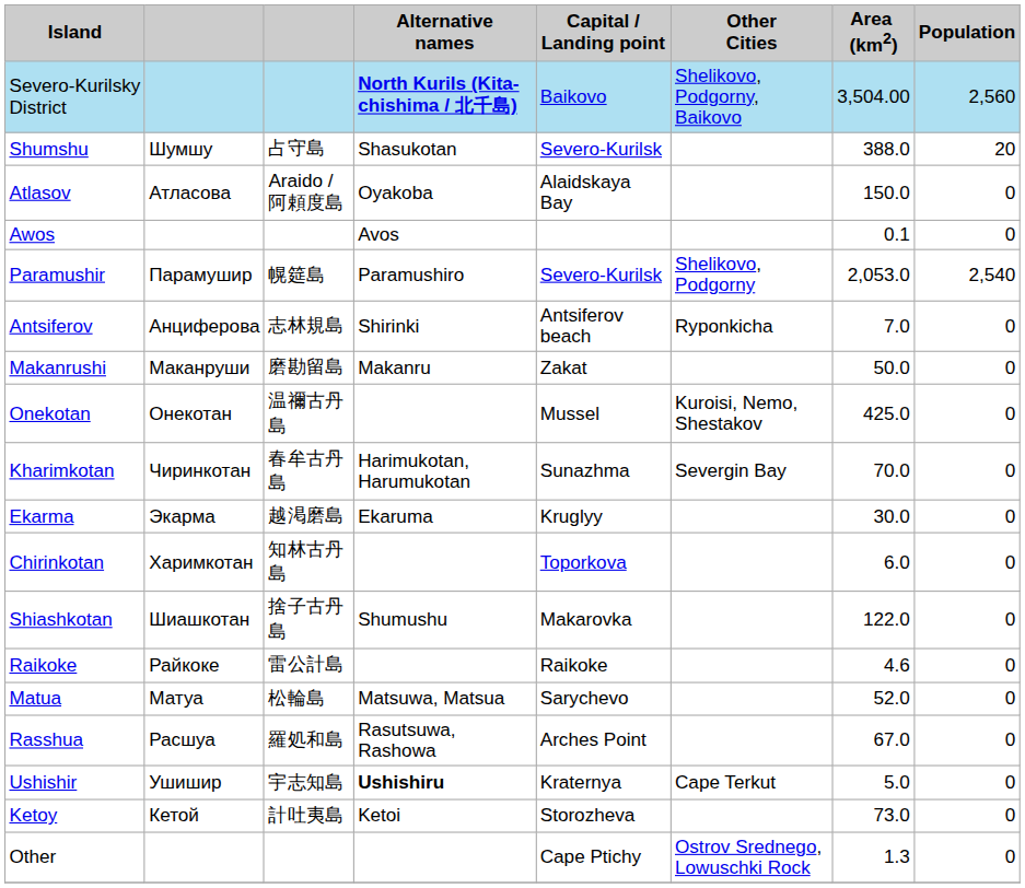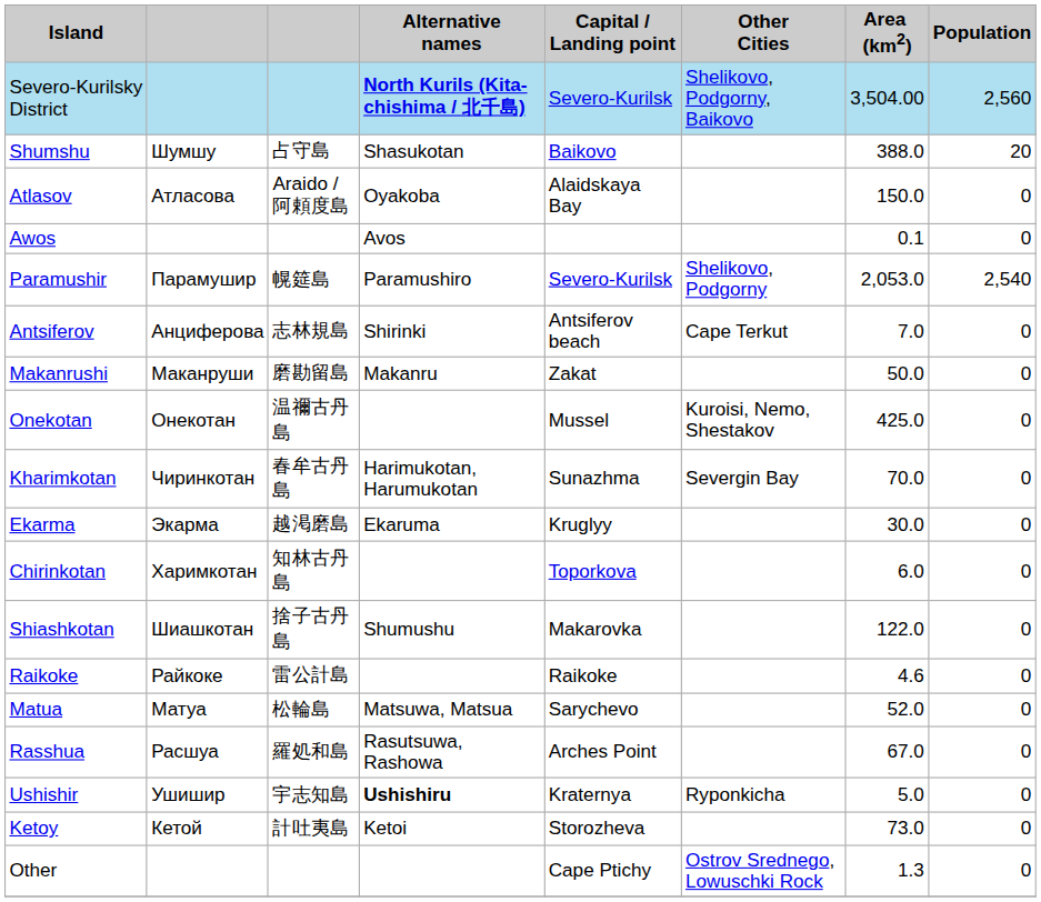 <table class="wikitable sortable">
 <tr>
 <th style="background: #CCC;" class="unsortable">Island</th>
 <th style="background: #CCC;" class="unsortable"></th>
 <th style="background: #CCC;" class="unsortable"></th>
 <th style="background: #CCC;" class="unsortable">Alternative<br>names</th>
 <th style="background: #CCC;" class="unsortable">Capital / Landing point</th>
 <th style="background: #CCC;" class="unsortable">Other<br>Cities</th>
 <th style="background: #CCC;">Area <br>(km<sup>2</sup>)</th>
 <th style="background: #CCC;">Population</th>
 </tr>
 <tr style="background:#AEE0F2;">
 <td>Severo-Kurilsky District</td>
 <td></td>
 <td></td>
 <td><strong><a href='#'>North Kurils (Kita-chishima / 北千島)</a></strong></td>
-<td><a href='#'>Baikovo</a></td>
+<td><a href='#'>Severo-Kurilsk</a></td>
 <td><a href='#'>Shelikovo</a>, <a href='#'>Podgorny</a>, <a href='#'>Baikovo</a></td>
 <td align="right">3,504.00</td>
 <td align="right">2,560</td>
 </tr>
 <tr style="background:#FFFFFF;">
 <td><a href='#'>Shumshu</a></td>
 <td>Шумшу</td>
 <td>占守島</td>
 <td>Shasukotan</td>
-<td><a href='#'>Severo-Kurilsk</a></td>
+<td><a href='#'>Baikovo</a></td>
 <td></td>
 <td align="right">388.0</td>
 <td align="right">20</td>
 </tr>
 <tr style="background:#FFFFFF;">
 <td><a href='#'>Atlasov</a></td>
 <td>Атласова</td>
 <td>Araido / 阿頼度島</td>
 <td>Oyakoba</td>
 <td>Alaidskaya Bay</td>
 <td></td>
 <td align="right">150.0</td>
 <td align="right">0</td>
 </tr>
 <tr style="background:#FFFFFF;">
 <td><a href='#'>Awos</a></td>
 <td></td>
 <td></td>
 <td>Avos</td>
 <td></td>
 <td></td>
 <td align="right">0.1</td>
 <td align="right">0</td>
 </tr>
 <tr style="background:#FFFFFF;">
 <td><a href='#'>Paramushir</a></td>
 <td>Парамушир</td>
 <td>幌筵島</td>
 <td>Paramushiro</td>
 <td><a href='#'>Severo-Kurilsk</a></td>
 <td><a href='#'>Shelikovo</a>, <a href='#'>Podgorny</a></td>
 <td align="right">2,053.0</td>
 <td align="right">2,540</td>
 </tr>
 <tr style="background:#FFFFFF;">
 <td><a href='#'>Antsiferov</a></td>
 <td>Анциферова</td>
 <td>志林規島</td>
 <td>Shirinki</td>
 <td>Antsiferov beach</td>
-<td>Ryponkicha</td>
+<td>Cape Terkut</td>
 <td align="right">7.0</td>
 <td align="right">0</td>
 </tr>
 <tr style="background:#FFFFFF;">
 <td><a href='#'>Makanrushi</a></td>
 <td>Маканруши</td>
 <td>磨勘留島</td>
 <td>Makanru</td>
 <td>Zakat</td>
 <td></td>
 <td align="right">50.0</td>
 <td align="right">0</td>
 </tr>
 <tr style="background:#FFFFFF;">
 <td><a href='#'>Onekotan</a></td>
 <td>Онекотан</td>
 <td>温禰古丹島</td>
 <td></td>
 <td>Mussel</td>
 <td>Kuroisi, Nemo, Shestakov</td>
 <td align="right">425.0</td>
 <td align="right">0</td>
 </tr>
 <tr style="background:#FFFFFF;">
 <td><a href='#'>Kharimkotan</a></td>
 <td>Чиринкотан</td>
 <td>春牟古丹島</td>
 <td>Harimukotan, Harumukotan</td>
 <td>Sunazhma</td>
 <td>Severgin Bay</td>
 <td align="right">70.0</td>
 <td align="right">0</td>
 </tr>
 <tr style="background:#FFFFFF;">
 <td><a href='#'>Ekarma</a></td>
 <td>Экарма</td>
 <td>越渇磨島</td>
 <td>Ekaruma</td>
 <td>Kruglyy</td>
 <td></td>
 <td align="right">30.0</td>
 <td align="right">0</td>
 </tr>
 <tr style="background:#FFFFFF;">
 <td><a href='#'>Chirinkotan</a></td>
 <td>Харимкотан</td>
 <td>知林古丹島</td>
 <td></td>
 <td><a href='#'>Toporkova</a></td>
 <td></td>
 <td align="right">6.0</td>
 <td align="right">0</td>
 </tr>
 <tr style="background:#FFFFFF;">
 <td><a href='#'>Shiashkotan</a></td>
 <td>Шиашкотан</td>
 <td>捨子古丹島</td>
 <td>Shumushu</td>
 <td>Makarovka</td>
 <td></td>
 <td align="right">122.0</td>
 <td align="right">0</td>
 </tr>
 <tr style="background:#FFFFFF;">
 <td><a href='#'>Raikoke</a></td>
 <td>Райкоке</td>
 <td>雷公計島</td>
 <td></td>
 <td>Raikoke</td>
 <td></td>
 <td align="right">4.6</td>
 <td align="right">0</td>
 </tr>
 <tr style="background:#FFFFFF;">
 <td><a href='#'>Matua</a></td>
 <td>Матуа</td>
 <td>松輪島</td>
 <td>Matsuwa, Matsua</td>
 <td>Sarychevo</td>
 <td></td>
 <td align="right">52.0</td>
 <td align="right">0</td>
 </tr>
 <tr style="background:#FFFFFF;">
 <td><a href='#'>Rasshua</a></td>
 <td>Расшуа</td>
 <td>羅処和島</td>
 <td>Rasutsuwa, Rashowa</td>
 <td>Arches Point</td>
 <td></td>
 <td align="right">67.0</td>
 <td align="right">0</td>
 </tr>
 <tr style="background:#FFFFFF;">
 <td><a href='#'>Ushishir</a></td>
 <td>Ушишир</td>
 <td>宇志知島</td>
 <td><strong>Ushishiru</strong></td>
 <td>Kraternya</td>
-<td>Cape Terkut</td>
+<td>Ryponkicha</td>
 <td align="right">5.0</td>
 <td align="right">0</td>
 </tr>
 <tr style="background:#FFFFFF;">
 <td><a href='#'>Ketoy</a></td>
 <td>Кетой</td>
 <td>計吐夷島</td>
 <td>Ketoi</td>
 <td>Storozheva</td>
 <td></td>
 <td align="right">73.0</td>
 <td align="right">0</td>
 </tr>
 <tr style="background:#FFFFFF;">
 <td>Other</td>
 <td></td>
 <td></td>
 <td></td>
 <td>Cape Ptichy</td>
 <td><a href='#'>Ostrov Srednego</a>, <a href='#'>Lowuschki Rock</a></td>
 <td align="right">1.3</td>
 <td align="right">0</td>
 </tr>
 <tr style="background:#AEE0F2;">
 </tr>
 </table>
